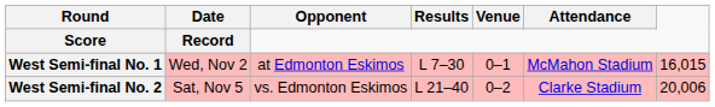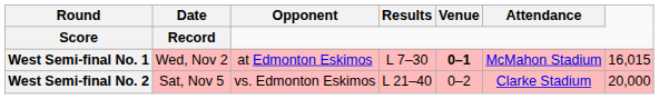 <table class="wikitable" style="text-align:center">
 <tr>
 <th>Round</th>
 <th>Date</th>
 <th>Opponent</th>
 <th>Results</th>
 <th>Venue</th>
 <th>Attendance</th>
 </tr>
 <tr>
 <th>Score</th>
 <th>Record</th>
 </tr>
 <tr style="background:#ffbbbb">
 <th>West Semi-final No. 1</th>
 <td>Wed, Nov 2</td>
 <td>at <a href='#'>Edmonton Eskimos</a></td>
 <td>L 7–30</td>
-<td>0–1</td>
+<td><strong>0–1</strong></td>
 <td><a href='#'>McMahon Stadium</a></td>
 <td>16,015</td>
 </tr>
 <tr style="background:#ffbbbb">
 <th>West Semi-final No. 2</th>
 <td>Sat, Nov 5</td>
 <td>vs. Edmonton Eskimos</td>
 <td>L 21–40</td>
 <td>0–2</td>
 <td><a href='#'>Clarke Stadium</a></td>
-<td>20,006</td>
+<td>20,000</td>
 </tr>
 </table>
